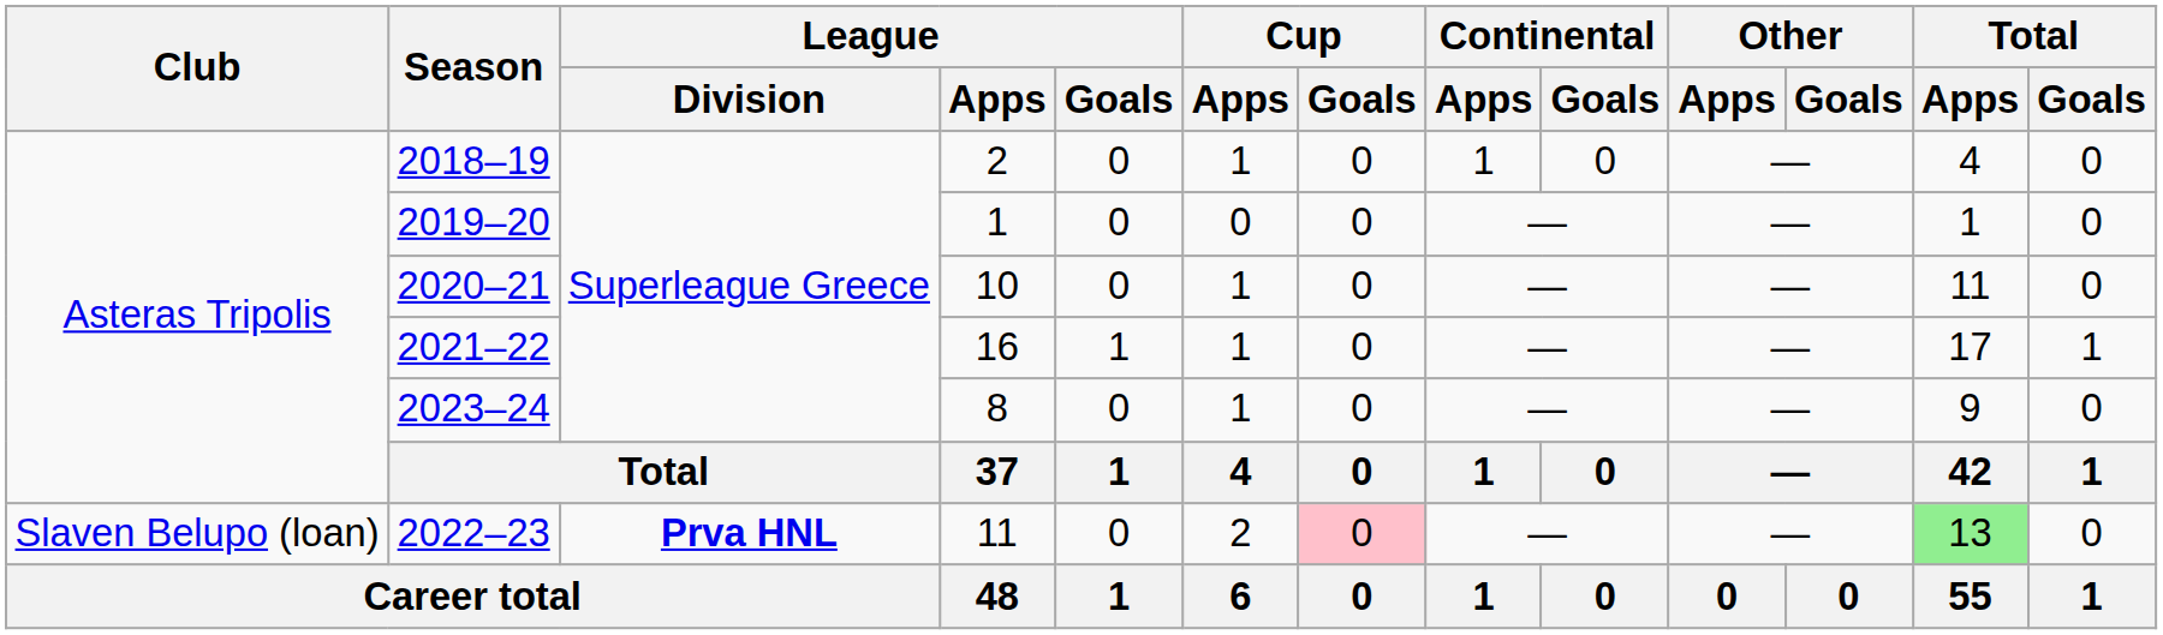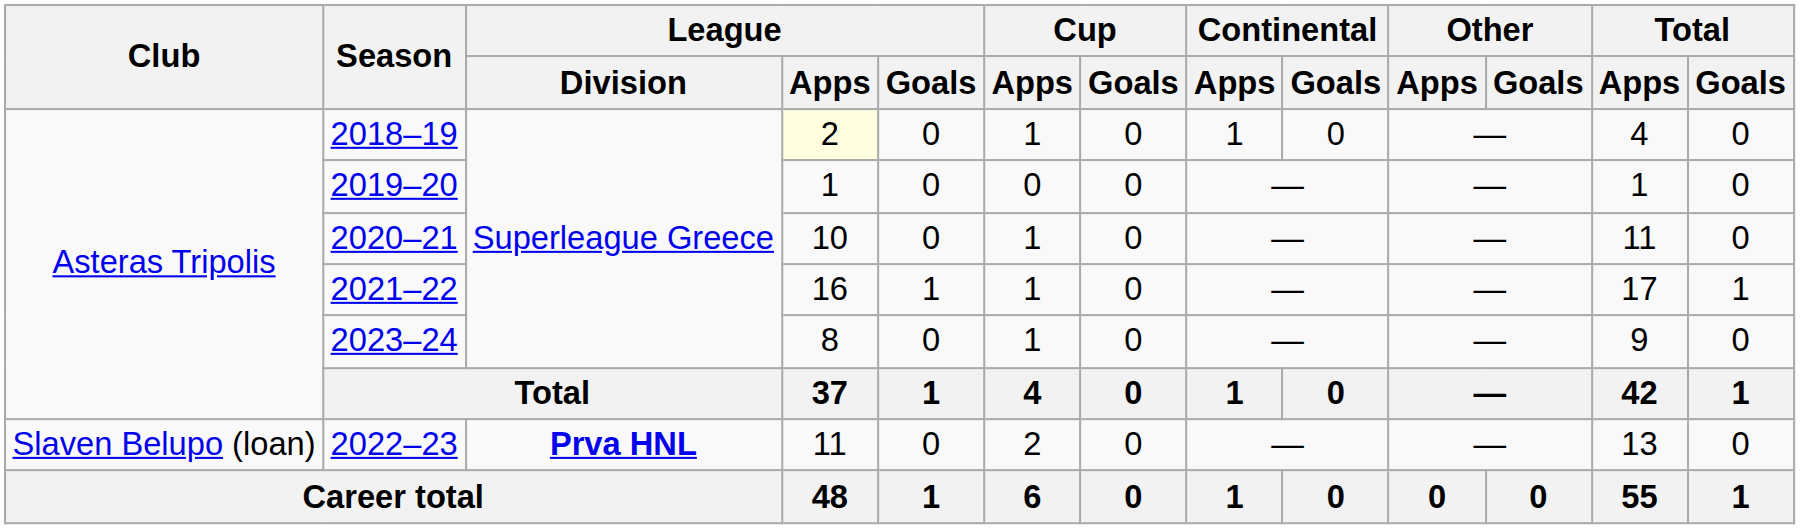 <table class="wikitable" style="text-align:center">
 <tr>
 <th rowspan=2>Club</th>
 <th rowspan=2>Season</th>
 <th colspan=3>League</th>
 <th colspan=2>Cup</th>
 <th colspan=2>Continental</th>
 <th colspan=2>Other</th>
 <th colspan=2>Total</th>
 </tr>
 <tr>
 <th>Division</th>
 <th>Apps</th>
 <th>Goals</th>
 <th>Apps</th>
 <th>Goals</th>
 <th>Apps</th>
 <th>Goals</th>
 <th>Apps</th>
 <th>Goals</th>
 <th>Apps</th>
 <th>Goals</th>
 </tr>
 <tr>
 <td rowspan="6"><a href='#'>Asteras Tripolis</a></td>
 <td><a href='#'>2018–19</a></td>
 <td rowspan="5"><a href='#'>Superleague Greece</a></td>
-<td>2</td>
+<td style="background: lightyellow;">2</td>
 <td>0</td>
 <td>1</td>
 <td>0</td>
 <td>1</td>
 <td>0</td>
 <td colspan="2">—</td>
 <td>4</td>
 <td>0</td>
 </tr>
 <tr>
 <td><a href='#'>2019–20</a></td>
 <td>1</td>
 <td>0</td>
 <td>0</td>
 <td>0</td>
 <td colspan="2">—</td>
 <td colspan="2">—</td>
 <td>1</td>
 <td>0</td>
 </tr>
 <tr>
 <td><a href='#'>2020–21</a></td>
 <td>10</td>
 <td>0</td>
 <td>1</td>
 <td>0</td>
 <td colspan="2">—</td>
 <td colspan="2">—</td>
 <td>11</td>
 <td>0</td>
 </tr>
 <tr>
 <td><a href='#'>2021–22</a></td>
 <td>16</td>
 <td>1</td>
 <td>1</td>
 <td>0</td>
 <td colspan="2">—</td>
 <td colspan="2">—</td>
 <td>17</td>
 <td>1</td>
 </tr>
 <tr>
 <td><a href='#'>2023–24</a></td>
 <td>8</td>
 <td>0</td>
 <td>1</td>
 <td>0</td>
 <td colspan="2">—</td>
 <td colspan="2">—</td>
 <td>9</td>
 <td>0</td>
 </tr>
 <tr>
 <th colspan="2">Total</th>
 <th>37</th>
 <th>1</th>
 <th>4</th>
 <th>0</th>
 <th>1</th>
 <th>0</th>
 <th colspan="2">—</th>
 <th>42</th>
 <th>1</th>
 </tr>
 <tr>
 <td><a href='#'>Slaven Belupo</a> (loan)</td>
 <td><a href='#'>2022–23</a></td>
 <td><strong><a href='#'>Prva HNL</a></strong></td>
 <td>11</td>
 <td>0</td>
 <td>2</td>
-<td style="background: pink;">0</td>
+<td>0</td>
 <td colspan="2">—</td>
 <td colspan="2">—</td>
-<td style="background: lightgreen;">13</td>
+<td>13</td>
 <td>0</td>
 </tr>
 <tr>
 <th colspan=3>Career total</th>
 <th>48</th>
 <th>1</th>
 <th>6</th>
 <th>0</th>
 <th>1</th>
 <th>0</th>
 <th>0</th>
 <th>0</th>
 <th>55</th>
 <th>1</th>
 </tr>
 </table>
